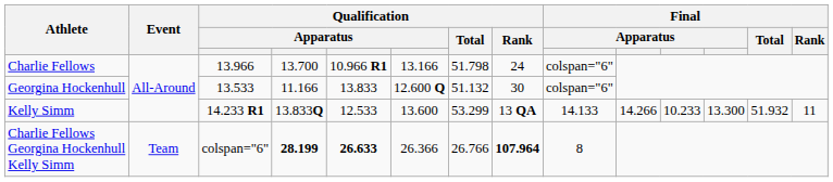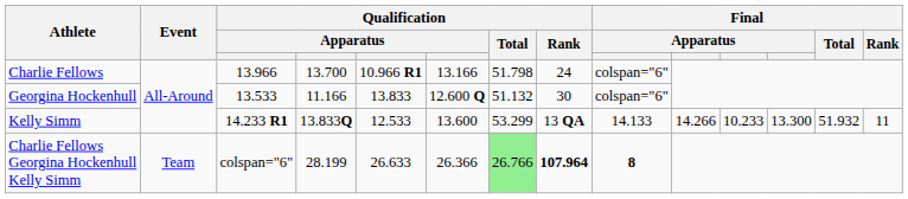 <table class="wikitable" style="font-size:90%">
 <tr>
 <th rowspan=3>Athlete</th>
 <th rowspan=3>Event</th>
 <th colspan=6>Qualification</th>
 <th colspan=6>Final</th>
 </tr>
 <tr style="font-size:95%">
 <th colspan=4>Apparatus</th>
 <th rowspan=2>Total</th>
 <th rowspan=2>Rank</th>
 <th colspan=4>Apparatus</th>
 <th rowspan=2>Total</th>
 <th rowspan=2>Rank</th>
 </tr>
 <tr style="font-size:95%">
 <th></th>
 <th></th>
 <th></th>
 <th></th>
 <th></th>
 <th></th>
 <th></th>
 <th></th>
 </tr>
 <tr align=center>
 <td align=left><a href='#'>Charlie Fellows</a></td>
 <td style="text-align:left;" rowspan="3"><a href='#'>All-Around</a></td>
 <td>13.966</td>
 <td>13.700</td>
 <td>10.966 <strong>R1</strong></td>
 <td>13.166</td>
 <td>51.798</td>
 <td>24</td>
 <td>colspan="6" </td>
 </tr>
 <tr align=center>
 <td align=left><a href='#'>Georgina Hockenhull</a></td>
 <td>13.533</td>
 <td>11.166</td>
 <td>13.833</td>
 <td>12.600 <strong>Q</strong></td>
 <td>51.132</td>
 <td>30</td>
 <td>colspan="6" </td>
 </tr>
 <tr align=center>
 <td align=left><a href='#'>Kelly Simm</a></td>
 <td>14.233 <strong>R1</strong></td>
 <td>13.833<strong>Q</strong></td>
 <td>12.533</td>
 <td>13.600</td>
 <td>53.299</td>
 <td>13 <strong>QA</strong></td>
 <td>14.133</td>
 <td>14.266</td>
 <td>10.233</td>
 <td>13.300</td>
 <td>51.932</td>
 <td>11</td>
 </tr>
 <tr align=center>
 <td align=left><a href='#'>Charlie Fellows</a><br><a href='#'>Georgina Hockenhull</a><br><a href='#'>Kelly Simm</a></td>
 <td><a href='#'>Team</a></td>
 <td>colspan="6" </td>
-<td><strong>28.199</strong></td>
-<td><strong>26.633</strong></td>
+<td>28.199</td>
+<td>26.633</td>
 <td>26.366</td>
-<td>26.766</td>
+<td style="background: lightgreen;">26.766</td>
 <td><strong>107.964</strong></td>
-<td>8</td>
+<td><strong>8</strong></td>
 </tr>
 </table>
